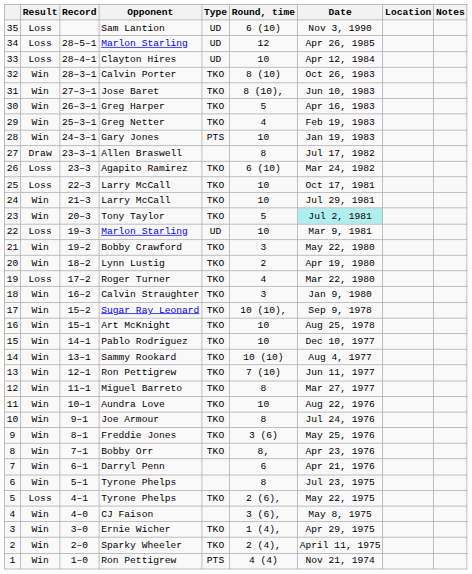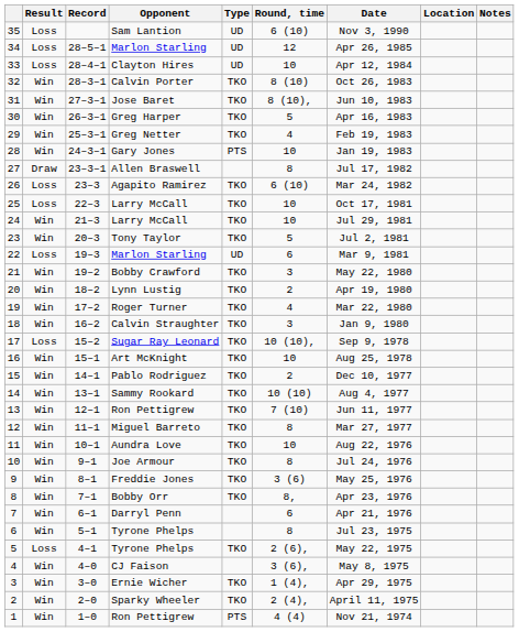 <table class="wikitable" style="text-align:center">
 <tr>
 <th></th>
 <th>Result</th>
 <th>Record</th>
 <th>Opponent</th>
 <th>Type</th>
 <th>Round, time</th>
 <th>Date</th>
 <th>Location</th>
 <th>Notes</th>
 </tr>
 <tr>
 <td>35</td>
 <td>Loss</td>
 <td></td>
 <td style="text-align:left;">Sam Lantion</td>
 <td>UD</td>
 <td>6 (10)</td>
 <td>Nov 3, 1990</td>
 <td style="text-align:left;"></td>
 <td></td>
 </tr>
 <tr>
 <td>34</td>
 <td>Loss</td>
 <td>28–5–1</td>
 <td style="text-align:left;"><a href='#'>Marlon Starling</a></td>
 <td>UD</td>
 <td>12</td>
 <td>Apr 26, 1985</td>
 <td style="text-align:left;"></td>
 <td style="text-align:left;"></td>
 </tr>
 <tr>
 <td>33</td>
 <td>Loss</td>
 <td>28–4–1</td>
 <td style="text-align:left;">Clayton Hires</td>
 <td>UD</td>
 <td>10</td>
 <td>Apr 12, 1984</td>
 <td style="text-align:left;"></td>
 <td></td>
 </tr>
 <tr>
 <td>32</td>
 <td>Win</td>
 <td>28–3–1</td>
 <td style="text-align:left;">Calvin Porter</td>
 <td>TKO</td>
 <td>8 (10)</td>
 <td>Oct 26, 1983</td>
 <td style="text-align:left;"></td>
 <td></td>
 </tr>
 <tr>
 <td>31</td>
 <td>Win</td>
 <td>27–3–1</td>
 <td style="text-align:left;">Jose Baret</td>
 <td>TKO</td>
 <td>8 (10), </td>
 <td>Jun 10, 1983</td>
 <td style="text-align:left;"></td>
 <td></td>
 </tr>
 <tr>
 <td>30</td>
 <td>Win</td>
 <td>26–3–1</td>
 <td style="text-align:left;">Greg Harper</td>
 <td>TKO</td>
 <td>5</td>
 <td>Apr 16, 1983</td>
 <td style="text-align:left;"></td>
 <td></td>
 </tr>
 <tr>
 <td>29</td>
 <td>Win</td>
 <td>25–3–1</td>
 <td style="text-align:left;">Greg Netter</td>
 <td>TKO</td>
 <td>4</td>
 <td>Feb 19, 1983</td>
 <td style="text-align:left;"></td>
 <td></td>
 </tr>
 <tr>
 <td>28</td>
 <td>Win</td>
 <td>24–3–1</td>
 <td style="text-align:left;">Gary Jones</td>
 <td>PTS</td>
 <td>10</td>
 <td>Jan 19, 1983</td>
 <td style="text-align:left;"></td>
 <td></td>
 </tr>
 <tr>
 <td>27</td>
 <td>Draw</td>
 <td>23–3–1</td>
 <td style="text-align:left;">Allen Braswell</td>
 <td></td>
 <td>8</td>
 <td>Jul 17, 1982</td>
 <td style="text-align:left;"></td>
 <td></td>
 </tr>
 <tr>
 <td>26</td>
 <td>Loss</td>
 <td>23–3</td>
 <td style="text-align:left;">Agapito Ramirez</td>
 <td>TKO</td>
 <td>6 (10)</td>
 <td>Mar 24, 1982</td>
 <td style="text-align:left;"></td>
 <td></td>
 </tr>
 <tr>
 <td>25</td>
 <td>Loss</td>
 <td>22–3</td>
 <td style="text-align:left;">Larry McCall</td>
 <td>TKO</td>
 <td>10</td>
 <td>Oct 17, 1981</td>
 <td style="text-align:left;"></td>
 <td></td>
 </tr>
 <tr>
 <td>24</td>
 <td>Win</td>
 <td>21–3</td>
 <td style="text-align:left;">Larry McCall</td>
 <td>TKO</td>
 <td>10</td>
 <td>Jul 29, 1981</td>
 <td style="text-align:left;"></td>
 <td></td>
 </tr>
 <tr>
 <td>23</td>
 <td>Win</td>
 <td>20–3</td>
 <td style="text-align:left;">Tony Taylor</td>
 <td>TKO</td>
 <td>5</td>
-<td style="background: paleturquoise;">Jul 2, 1981</td>
+<td>Jul 2, 1981</td>
 <td style="text-align:left;"></td>
 <td></td>
 </tr>
 <tr>
 <td>22</td>
 <td>Loss</td>
 <td>19–3</td>
 <td style="text-align:left;"><a href='#'>Marlon Starling</a></td>
 <td>UD</td>
-<td>10</td>
+<td>6</td>
 <td>Mar 9, 1981</td>
 <td style="text-align:left;"></td>
 <td></td>
 </tr>
 <tr>
 <td>21</td>
 <td>Win</td>
 <td>19–2</td>
 <td style="text-align:left;">Bobby Crawford</td>
 <td>TKO</td>
 <td>3</td>
 <td>May 22, 1980</td>
 <td style="text-align:left;"></td>
 <td></td>
 </tr>
 <tr>
 <td>20</td>
 <td>Win</td>
 <td>18–2</td>
 <td style="text-align:left;">Lynn Lustig</td>
 <td>TKO</td>
 <td>2</td>
 <td>Apr 19, 1980</td>
 <td style="text-align:left;"></td>
 <td></td>
 </tr>
 <tr>
 <td>19</td>
-<td>Loss</td>
+<td>Win</td>
 <td>17–2</td>
 <td style="text-align:left;">Roger Turner</td>
 <td>TKO</td>
 <td>4</td>
 <td>Mar 22, 1980</td>
 <td style="text-align:left;"></td>
 <td></td>
 </tr>
 <tr>
 <td>18</td>
 <td>Win</td>
 <td>16–2</td>
 <td style="text-align:left;">Calvin Straughter</td>
 <td>TKO</td>
 <td>3</td>
 <td>Jan 9, 1980</td>
 <td style="text-align:left;"></td>
 <td></td>
 </tr>
 <tr>
 <td>17</td>
-<td>Win</td>
+<td>Loss</td>
 <td>15–2</td>
 <td style="text-align:left;"><a href='#'>Sugar Ray Leonard</a></td>
 <td>TKO</td>
 <td>10 (10), </td>
 <td>Sep 9, 1978</td>
 <td style="text-align:left;"></td>
 <td></td>
 </tr>
 <tr>
 <td>16</td>
 <td>Win</td>
 <td>15–1</td>
 <td style="text-align:left;">Art McKnight</td>
 <td>TKO</td>
 <td>10</td>
 <td>Aug 25, 1978</td>
 <td style="text-align:left;"></td>
 <td></td>
 </tr>
 <tr>
 <td>15</td>
 <td>Win</td>
 <td>14–1</td>
 <td style="text-align:left;">Pablo Rodriguez</td>
 <td>TKO</td>
-<td>10</td>
+<td>2</td>
 <td>Dec 10, 1977</td>
 <td style="text-align:left;"></td>
 <td></td>
 </tr>
 <tr>
 <td>14</td>
 <td>Win</td>
 <td>13–1</td>
 <td style="text-align:left;">Sammy Rookard</td>
 <td>TKO</td>
 <td>10 (10)</td>
 <td>Aug 4, 1977</td>
 <td style="text-align:left;"></td>
 <td></td>
 </tr>
 <tr>
 <td>13</td>
 <td>Win</td>
 <td>12–1</td>
 <td style="text-align:left;">Ron Pettigrew</td>
 <td>TKO</td>
 <td>7 (10)</td>
 <td>Jun 11, 1977</td>
 <td style="text-align:left;"></td>
 <td></td>
 </tr>
 <tr>
 <td>12</td>
 <td>Win</td>
 <td>11–1</td>
 <td style="text-align:left;">Miguel Barreto</td>
 <td>TKO</td>
 <td>8</td>
 <td>Mar 27, 1977</td>
 <td style="text-align:left;"></td>
 <td></td>
 </tr>
 <tr>
 <td>11</td>
 <td>Win</td>
 <td>10–1</td>
 <td style="text-align:left;">Aundra Love</td>
 <td>TKO</td>
 <td>10</td>
 <td>Aug 22, 1976</td>
 <td style="text-align:left;"></td>
 <td></td>
 </tr>
 <tr>
 <td>10</td>
 <td>Win</td>
 <td>9–1</td>
 <td style="text-align:left;">Joe Armour</td>
 <td>TKO</td>
 <td>8</td>
 <td>Jul 24, 1976</td>
 <td style="text-align:left;"></td>
 <td></td>
 </tr>
 <tr>
 <td>9</td>
 <td>Win</td>
 <td>8–1</td>
 <td style="text-align:left;">Freddie Jones</td>
 <td>TKO</td>
 <td>3 (6)</td>
 <td>May 25, 1976</td>
 <td style="text-align:left;"></td>
 <td></td>
 </tr>
 <tr>
 <td>8</td>
 <td>Win</td>
 <td>7–1</td>
 <td style="text-align:left;">Bobby Orr</td>
 <td>TKO</td>
 <td>8, </td>
 <td>Apr 23, 1976</td>
 <td style="text-align:left;"></td>
 <td></td>
 </tr>
 <tr>
 <td>7</td>
 <td>Win</td>
 <td>6–1</td>
 <td style="text-align:left;">Darryl Penn</td>
 <td></td>
 <td>6</td>
 <td>Apr 21, 1976</td>
 <td style="text-align:left;"></td>
 <td></td>
 </tr>
 <tr>
 <td>6</td>
 <td>Win</td>
 <td>5–1</td>
 <td style="text-align:left;">Tyrone Phelps</td>
 <td></td>
 <td>8</td>
 <td>Jul 23, 1975</td>
 <td style="text-align:left;"></td>
 <td></td>
 </tr>
 <tr>
 <td>5</td>
 <td>Loss</td>
 <td>4–1</td>
 <td style="text-align:left;">Tyrone Phelps</td>
 <td>TKO</td>
 <td>2 (6), </td>
 <td>May 22, 1975</td>
 <td style="text-align:left;"></td>
 <td></td>
 </tr>
 <tr>
 <td>4</td>
 <td>Win</td>
 <td>4–0</td>
 <td style="text-align:left;">CJ Faison</td>
 <td></td>
 <td>3 (6), </td>
 <td>May 8, 1975</td>
 <td style="text-align:left;"></td>
 <td></td>
 </tr>
 <tr>
 <td>3</td>
 <td>Win</td>
 <td>3–0</td>
 <td style="text-align:left;">Ernie Wicher</td>
 <td>TKO</td>
 <td>1 (4), </td>
 <td>Apr 29, 1975</td>
 <td style="text-align:left;"></td>
 <td></td>
 </tr>
 <tr>
 <td>2</td>
 <td>Win</td>
 <td>2–0</td>
 <td style="text-align:left;">Sparky Wheeler</td>
 <td>TKO</td>
 <td>2 (4), </td>
 <td>April 11, 1975</td>
 <td style="text-align:left;"></td>
 <td></td>
 </tr>
 <tr>
 <td>1</td>
 <td>Win</td>
 <td>1–0</td>
 <td style="text-align:left;">Ron Pettigrew</td>
 <td>PTS</td>
 <td>4 (4)</td>
 <td>Nov 21, 1974</td>
 <td style="text-align:left;"></td>
 <td></td>
 </tr>
 </table>
